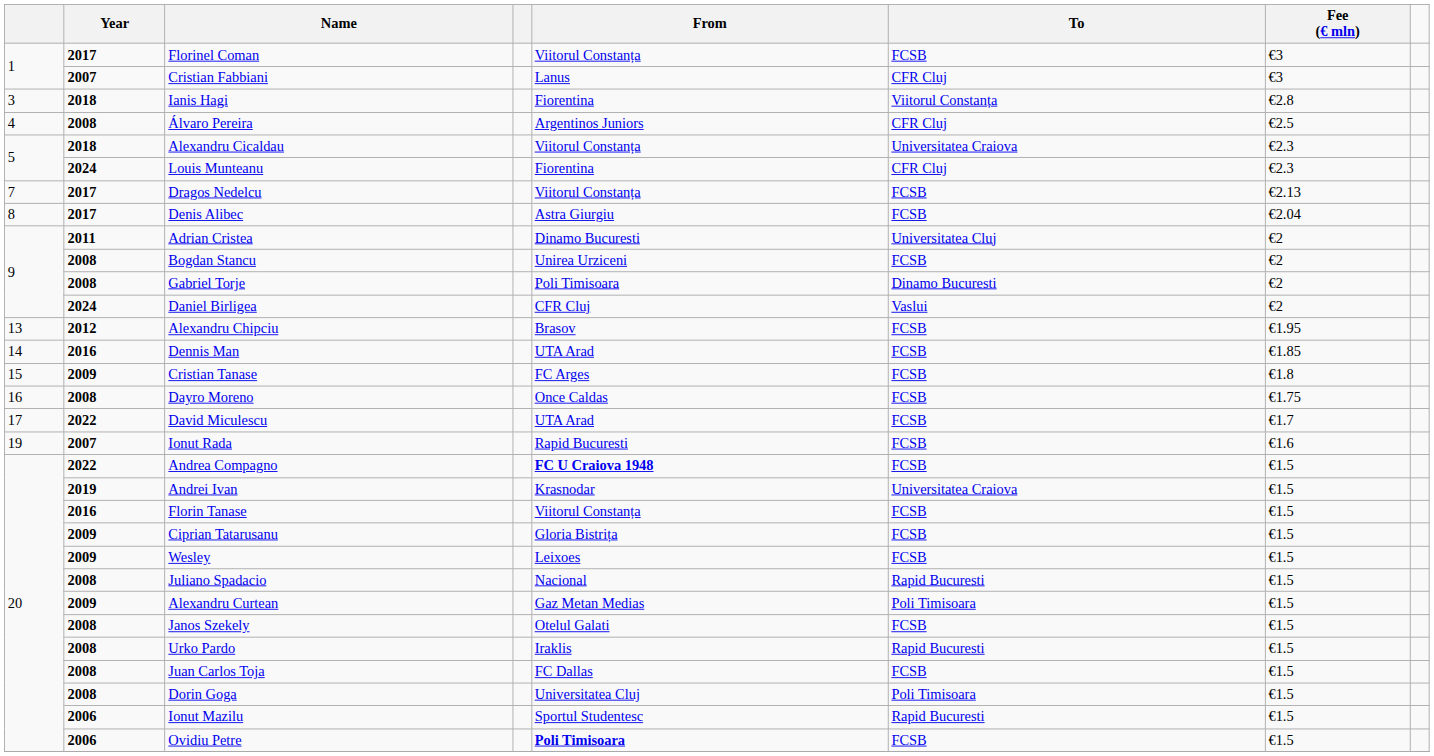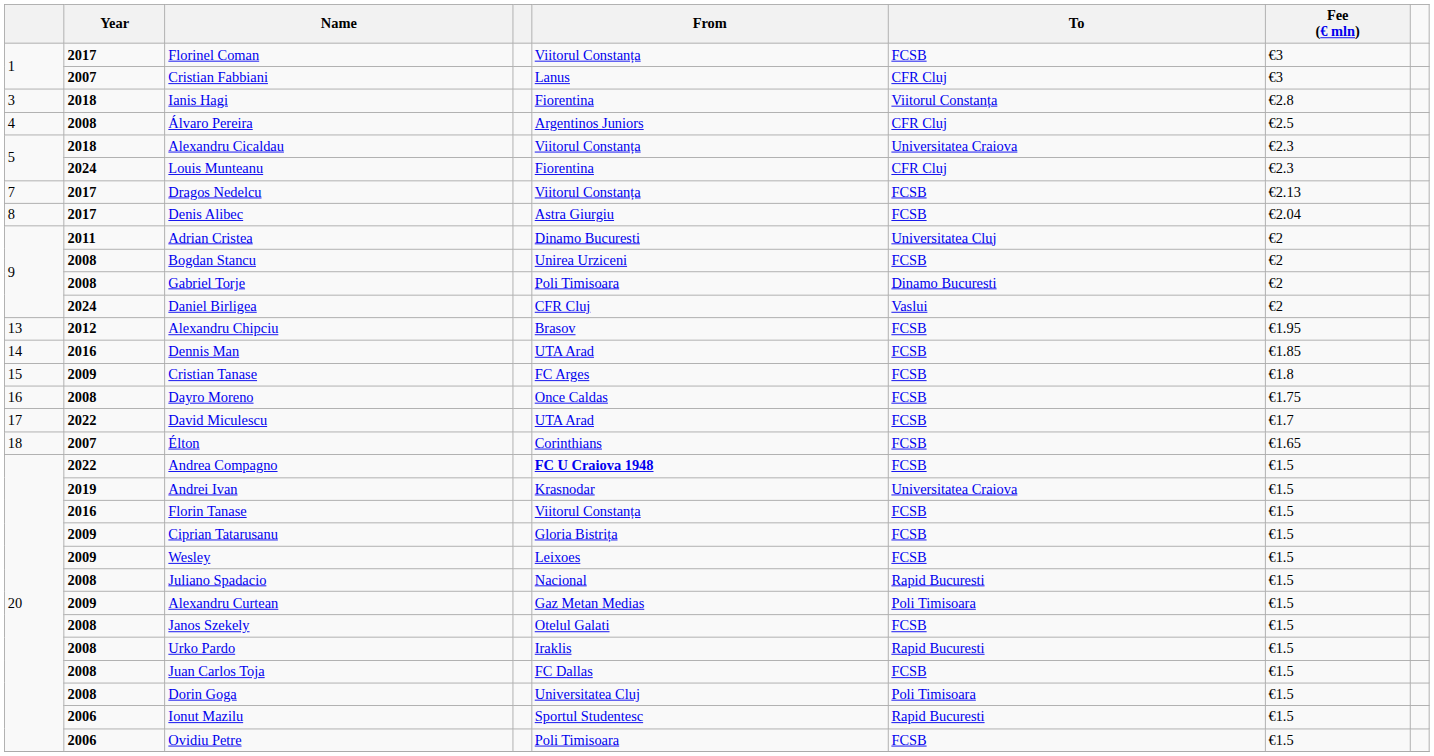 <table class="wikitable sortable mw-collapsible" style="width:100%;">
 <tr>
 <th data-sort-type="number"></th>
 <th>Year</th>
 <th>Name</th>
 <th></th>
 <th>From</th>
 <th>To</th>
 <th>Fee<br>(<a href='#'>€ mln</a>)</th>
 </tr>
 <tr>
 <td rowspan="2">1</td>
 <td><strong>2017</strong></td>
 <td><a href='#'>Florinel Coman</a></td>
 <td align="center"></td>
 <td> <a href='#'>Viitorul Constanța</a></td>
 <td><a href='#'>FCSB</a></td>
 <td>€3</td>
 <td></td>
 </tr>
 <tr>
 <td><strong>2007</strong></td>
 <td><a href='#'>Cristian Fabbiani</a></td>
 <td align="center"></td>
 <td> <a href='#'>Lanus</a></td>
 <td><a href='#'>CFR Cluj</a></td>
 <td>€3</td>
 <td></td>
 </tr>
 <tr>
 <td>3</td>
 <td><strong>2018</strong></td>
 <td><a href='#'>Ianis Hagi</a></td>
 <td align="center"></td>
 <td> <a href='#'>Fiorentina</a></td>
 <td><a href='#'>Viitorul Constanța</a></td>
 <td>€2.8</td>
 <td></td>
 </tr>
 <tr>
 <td>4</td>
 <td><strong>2008</strong></td>
 <td><a href='#'>Álvaro Pereira</a></td>
 <td align="center"></td>
 <td> <a href='#'>Argentinos Juniors</a></td>
 <td><a href='#'>CFR Cluj</a></td>
 <td>€2.5</td>
 <td></td>
 </tr>
 <tr>
 <td rowspan="2">5</td>
 <td><strong>2018</strong></td>
 <td><a href='#'>Alexandru Cicaldau</a></td>
 <td align="center"></td>
 <td> <a href='#'>Viitorul Constanța</a></td>
 <td><a href='#'>Universitatea Craiova</a></td>
 <td>€2.3</td>
 <td></td>
 </tr>
 <tr>
 <td><strong>2024</strong></td>
 <td><a href='#'>Louis Munteanu</a></td>
 <td align="center"></td>
 <td> <a href='#'>Fiorentina</a></td>
 <td><a href='#'>CFR Cluj</a></td>
 <td>€2.3</td>
 <td></td>
 </tr>
 <tr>
 <td>7</td>
 <td><strong>2017</strong></td>
 <td><a href='#'>Dragos Nedelcu</a></td>
 <td align="center"></td>
 <td> <a href='#'>Viitorul Constanța</a></td>
 <td><a href='#'>FCSB</a></td>
 <td>€2.13</td>
 <td></td>
 </tr>
 <tr>
 <td>8</td>
 <td><strong>2017</strong></td>
 <td><a href='#'>Denis Alibec</a></td>
 <td align="center"></td>
 <td> <a href='#'>Astra Giurgiu</a></td>
 <td><a href='#'>FCSB</a></td>
 <td>€2.04</td>
 <td></td>
 </tr>
 <tr>
 <td rowspan="4">9</td>
 <td><strong>2011</strong></td>
 <td><a href='#'>Adrian Cristea</a></td>
 <td align="center"></td>
 <td> <a href='#'>Dinamo Bucuresti</a></td>
 <td><a href='#'>Universitatea Cluj</a></td>
 <td>€2</td>
 <td></td>
 </tr>
 <tr>
 <td><strong>2008</strong></td>
 <td><a href='#'>Bogdan Stancu</a></td>
 <td align="center"></td>
 <td> <a href='#'>Unirea Urziceni</a></td>
 <td><a href='#'>FCSB</a></td>
 <td>€2</td>
 <td></td>
 </tr>
 <tr>
 <td><strong>2008</strong></td>
 <td><a href='#'>Gabriel Torje</a></td>
 <td align="center"></td>
 <td> <a href='#'>Poli Timisoara</a></td>
 <td><a href='#'>Dinamo Bucuresti</a></td>
 <td>€2</td>
 <td></td>
 </tr>
 <tr>
 <td><strong>2024</strong></td>
 <td><a href='#'>Daniel Birligea</a></td>
 <td align="center"></td>
 <td> <a href='#'>CFR Cluj</a></td>
 <td><a href='#'>Vaslui</a></td>
 <td>€2</td>
 <td></td>
 </tr>
 <tr>
 <td>13</td>
 <td><strong>2012</strong></td>
 <td><a href='#'>Alexandru Chipciu</a></td>
 <td align="center"></td>
 <td> <a href='#'>Brasov</a></td>
 <td><a href='#'>FCSB</a></td>
 <td>€1.95</td>
 <td></td>
 </tr>
 <tr>
 <td>14</td>
 <td><strong>2016</strong></td>
 <td><a href='#'>Dennis Man</a></td>
 <td align="center"></td>
 <td> <a href='#'>UTA Arad</a></td>
 <td><a href='#'>FCSB</a></td>
 <td>€1.85</td>
 <td></td>
 </tr>
 <tr>
 <td>15</td>
 <td><strong>2009</strong></td>
 <td><a href='#'>Cristian Tanase</a></td>
 <td align="center"></td>
 <td> <a href='#'>FC Arges</a></td>
 <td><a href='#'>FCSB</a></td>
 <td>€1.8</td>
 <td></td>
 </tr>
 <tr>
 <td>16</td>
 <td><strong>2008</strong></td>
 <td><a href='#'>Dayro Moreno</a></td>
 <td align="center"></td>
 <td> <a href='#'>Once Caldas</a></td>
 <td><a href='#'>FCSB</a></td>
 <td>€1.75</td>
 <td></td>
 </tr>
 <tr>
 <td>17</td>
 <td><strong>2022</strong></td>
 <td><a href='#'>David Miculescu</a></td>
 <td align="center"></td>
 <td> <a href='#'>UTA Arad</a></td>
 <td><a href='#'>FCSB</a></td>
 <td>€1.7</td>
 <td></td>
 </tr>
 <tr>
-<td>19</td>
+<td>18</td>
 <td><strong>2007</strong></td>
-<td><a href='#'>Ionut Rada</a></td>
+<td><a href='#'>Élton</a></td>
 <td align="center"></td>
-<td> <a href='#'>Rapid Bucuresti</a></td>
+<td> <a href='#'>Corinthians</a></td>
 <td><a href='#'>FCSB</a></td>
-<td>€1.6</td>
+<td>€1.65</td>
 <td></td>
 </tr>
 <tr>
 <td rowspan="13">20</td>
 <td><strong>2022</strong></td>
 <td><a href='#'>Andrea Compagno</a></td>
 <td align="center"></td>
 <td><strong> <a href='#'>FC U Craiova 1948</a></strong></td>
 <td><a href='#'>FCSB</a></td>
 <td>€1.5</td>
 <td></td>
 </tr>
 <tr>
 <td><strong>2019</strong></td>
 <td><a href='#'>Andrei Ivan</a></td>
 <td align="center"></td>
 <td> <a href='#'>Krasnodar</a></td>
 <td><a href='#'>Universitatea Craiova</a></td>
 <td>€1.5</td>
 <td></td>
 </tr>
 <tr>
 <td><strong>2016</strong></td>
 <td><a href='#'>Florin Tanase</a></td>
 <td align="center"></td>
 <td> <a href='#'>Viitorul Constanța</a></td>
 <td><a href='#'>FCSB</a></td>
 <td>€1.5</td>
 <td></td>
 </tr>
 <tr>
 <td><strong>2009</strong></td>
 <td><a href='#'>Ciprian Tatarusanu</a></td>
 <td align="center"></td>
 <td> <a href='#'>Gloria Bistrița</a></td>
 <td><a href='#'>FCSB</a></td>
 <td>€1.5</td>
 <td></td>
 </tr>
 <tr>
 <td><strong>2009</strong></td>
 <td><a href='#'>Wesley</a></td>
 <td align="center"></td>
 <td> <a href='#'>Leixoes</a></td>
 <td><a href='#'>FCSB</a></td>
 <td>€1.5</td>
 <td></td>
 </tr>
 <tr>
 <td><strong>2008</strong></td>
 <td><a href='#'>Juliano Spadacio</a></td>
 <td align="center"></td>
 <td> <a href='#'>Nacional</a></td>
 <td><a href='#'>Rapid Bucuresti</a></td>
 <td>€1.5</td>
 <td></td>
 </tr>
 <tr>
 <td><strong>2009</strong></td>
 <td><a href='#'>Alexandru Curtean</a></td>
 <td align="center"></td>
 <td> <a href='#'>Gaz Metan Medias</a></td>
 <td><a href='#'>Poli Timisoara</a></td>
 <td>€1.5</td>
 <td></td>
 </tr>
 <tr>
 <td><strong>2008</strong></td>
 <td><a href='#'>Janos Szekely</a></td>
 <td align="center"></td>
 <td> <a href='#'>Otelul Galati</a></td>
 <td><a href='#'>FCSB</a></td>
 <td>€1.5</td>
 <td></td>
 </tr>
 <tr>
 <td><strong>2008</strong></td>
 <td><a href='#'>Urko Pardo</a></td>
 <td align="center"></td>
 <td> <a href='#'>Iraklis</a></td>
 <td><a href='#'>Rapid Bucuresti</a></td>
 <td>€1.5</td>
 <td></td>
 </tr>
 <tr>
 <td><strong>2008</strong></td>
 <td><a href='#'>Juan Carlos Toja</a></td>
 <td align="center"></td>
 <td> <a href='#'>FC Dallas</a></td>
 <td><a href='#'>FCSB</a></td>
 <td>€1.5</td>
 <td></td>
 </tr>
 <tr>
 <td><strong>2008</strong></td>
 <td><a href='#'>Dorin Goga</a></td>
 <td align="center"></td>
 <td> <a href='#'>Universitatea Cluj</a></td>
 <td><a href='#'>Poli Timisoara</a></td>
 <td>€1.5</td>
 <td></td>
 </tr>
 <tr>
 <td><strong>2006</strong></td>
 <td><a href='#'>Ionut Mazilu</a></td>
 <td align="center"></td>
 <td> <a href='#'>Sportul Studentesc</a></td>
 <td><a href='#'>Rapid Bucuresti</a></td>
 <td>€1.5</td>
 <td></td>
 </tr>
 <tr>
 <td><strong>2006</strong></td>
 <td><a href='#'>Ovidiu Petre</a></td>
 <td align="center"></td>
-<td><strong> <a href='#'>Poli Timisoara</a></strong></td>
+<td> <a href='#'>Poli Timisoara</a></td>
 <td><a href='#'>FCSB</a></td>
 <td>€1.5</td>
 <td></td>
 </tr>
 <tr>
 </tr>
 </table>
